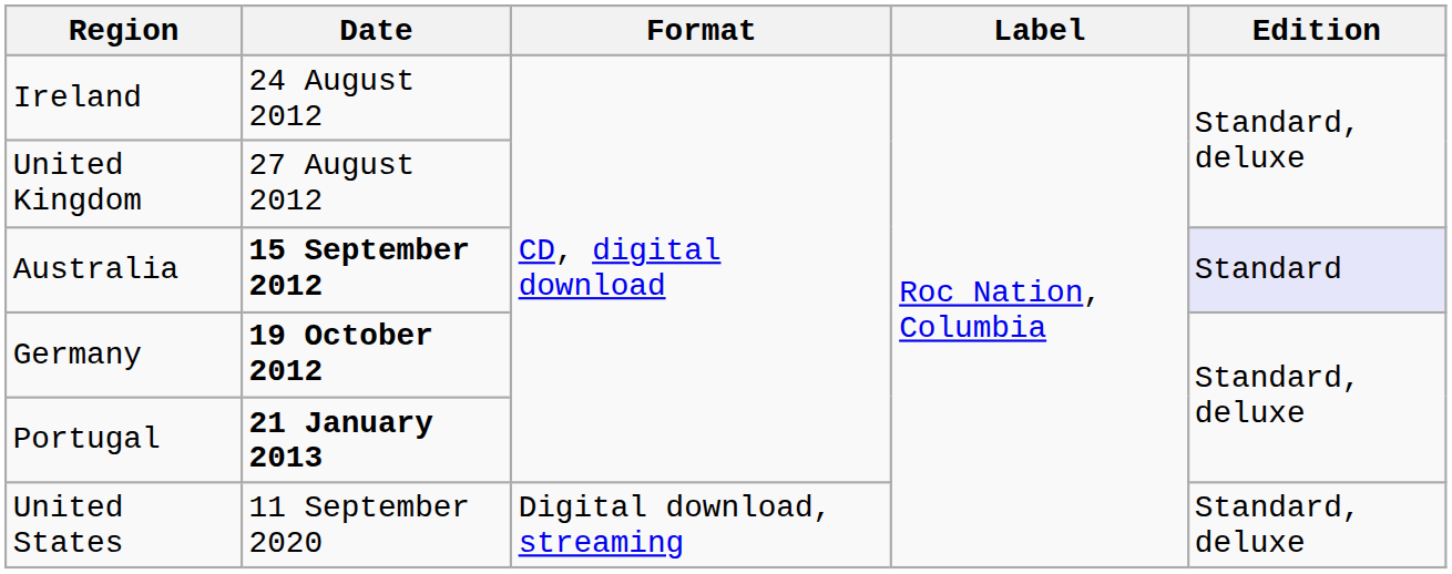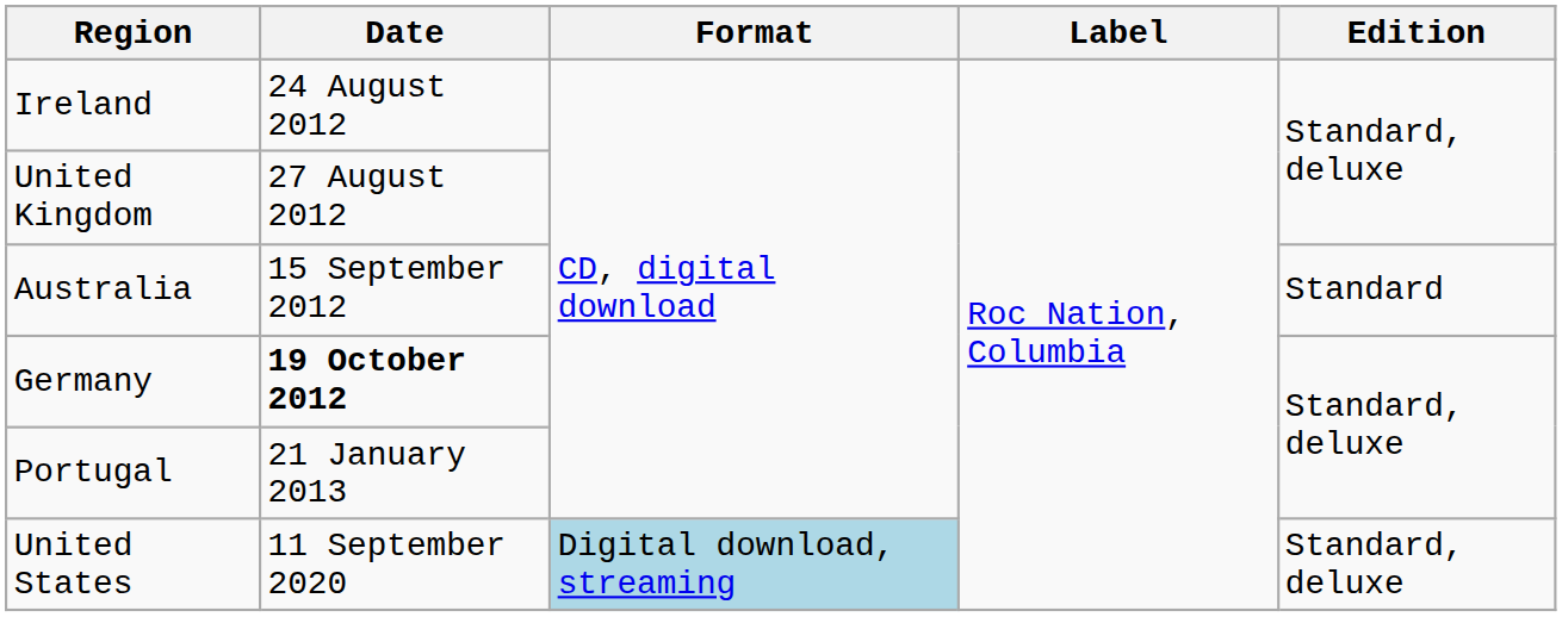 <table class="wikitable plainrowheaders">
 <tr>
 <th scope="col">Region</th>
 <th scope="col">Date</th>
 <th scope="col">Format</th>
 <th scope="col">Label</th>
 <th scope="col">Edition</th>
 </tr>
 <tr>
 <td>Ireland</td>
 <td>24 August 2012</td>
 <td rowspan="5"><a href='#'>CD</a>, <a href='#'>digital download</a></td>
 <td rowspan="6"><a href='#'>Roc Nation</a>, <a href='#'>Columbia</a></td>
 <td rowspan="2">Standard, deluxe</td>
 </tr>
 <tr>
 <td>United Kingdom</td>
 <td>27 August 2012</td>
 </tr>
 <tr>
 <td>Australia</td>
-<td><strong>15 September 2012</strong></td>
-<td style="background: lavender;">Standard</td>
+<td>15 September 2012</td>
+<td>Standard</td>
 </tr>
 <tr>
 <td>Germany</td>
 <td><strong>19 October 2012</strong></td>
 <td rowspan="2">Standard, deluxe</td>
 </tr>
 <tr>
 <td>Portugal</td>
-<td><strong>21 January 2013</strong></td>
+<td>21 January 2013</td>
 </tr>
 <tr>
 <td>United States</td>
 <td>11 September 2020</td>
-<td>Digital download, <a href='#'>streaming</a></td>
+<td style="background: lightblue;">Digital download, <a href='#'>streaming</a></td>
 <td rowspan="2">Standard, deluxe</td>
 </tr>
 </table>
